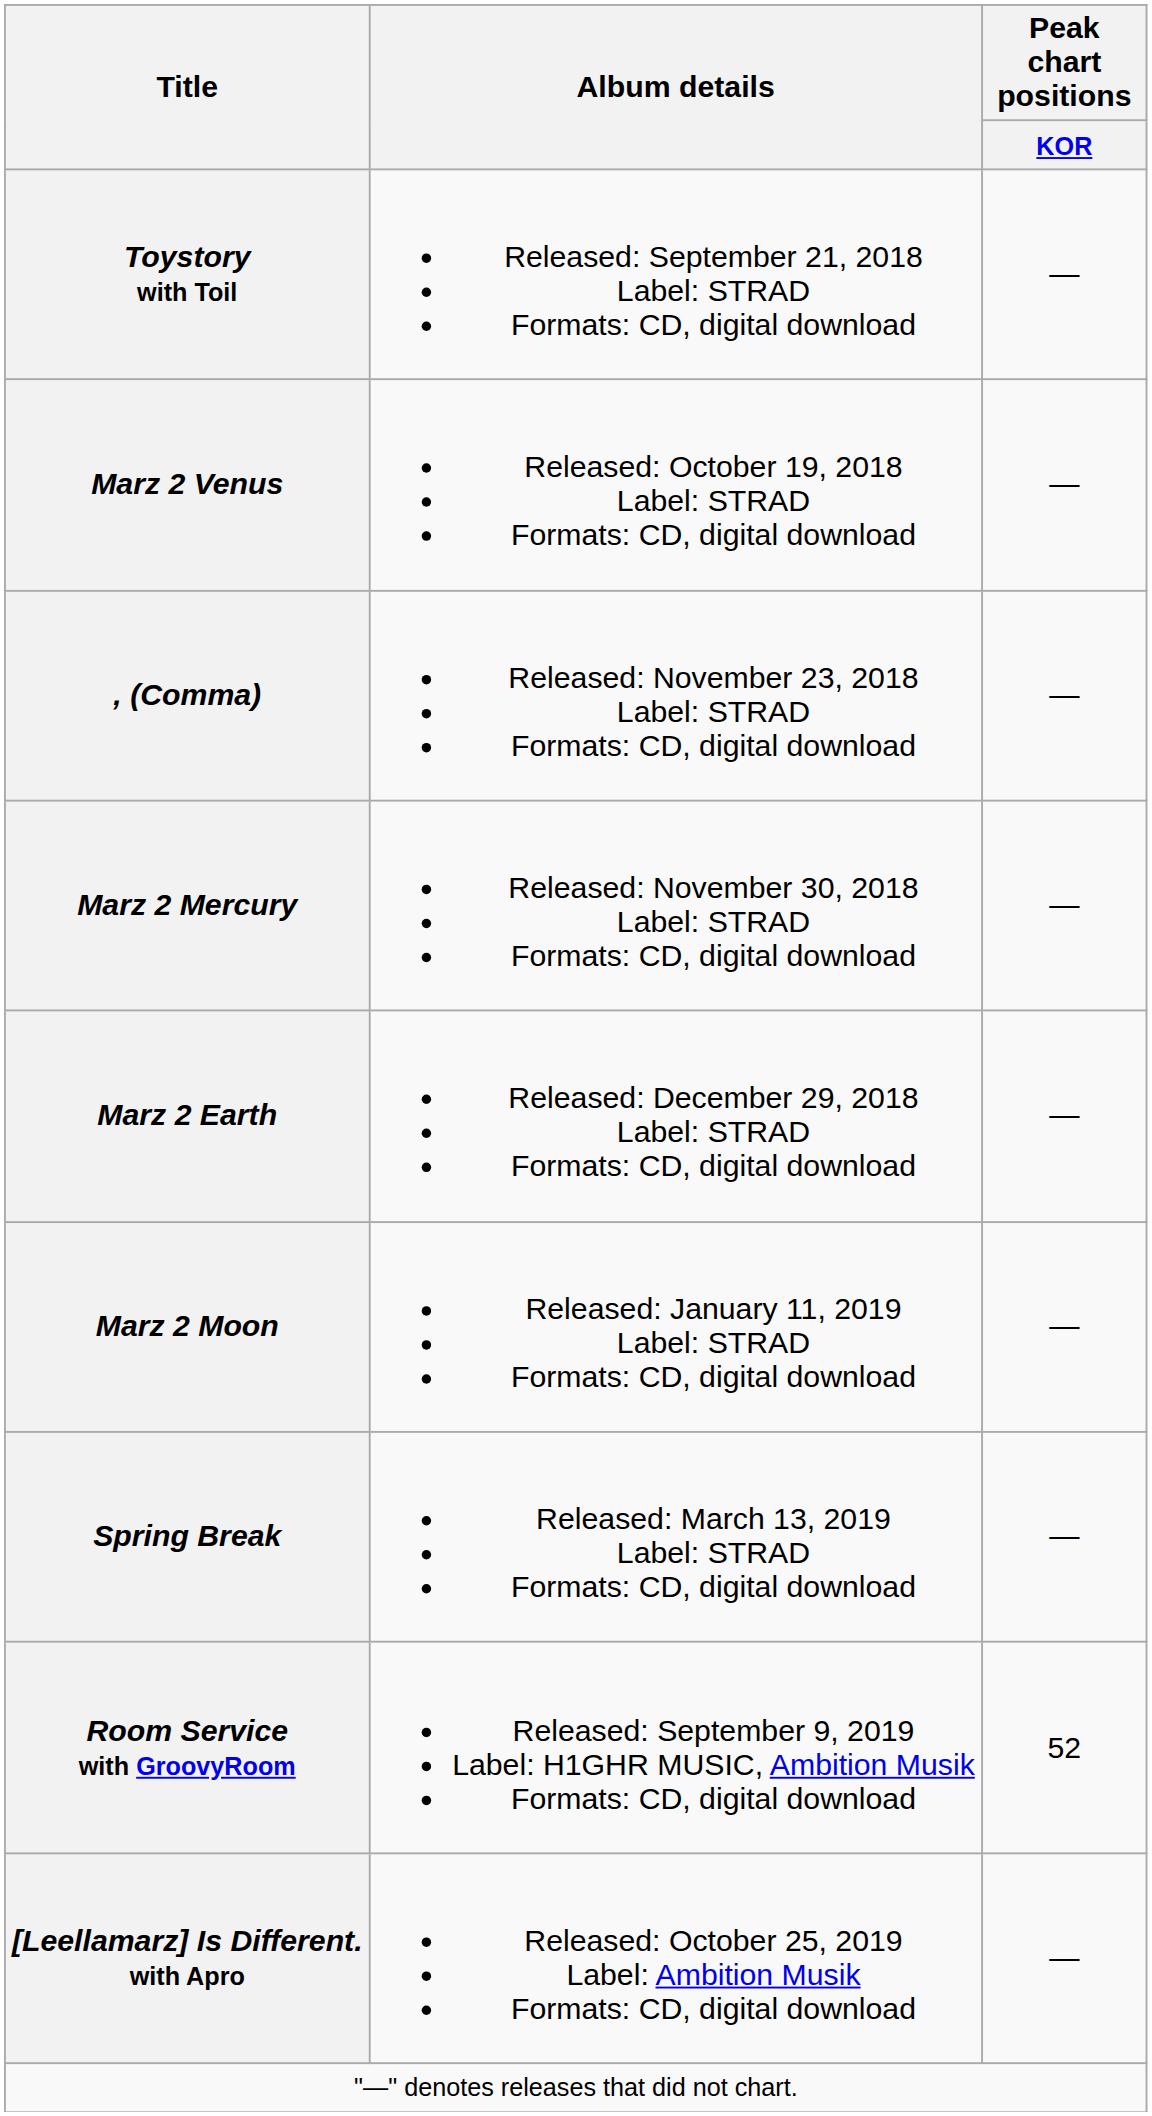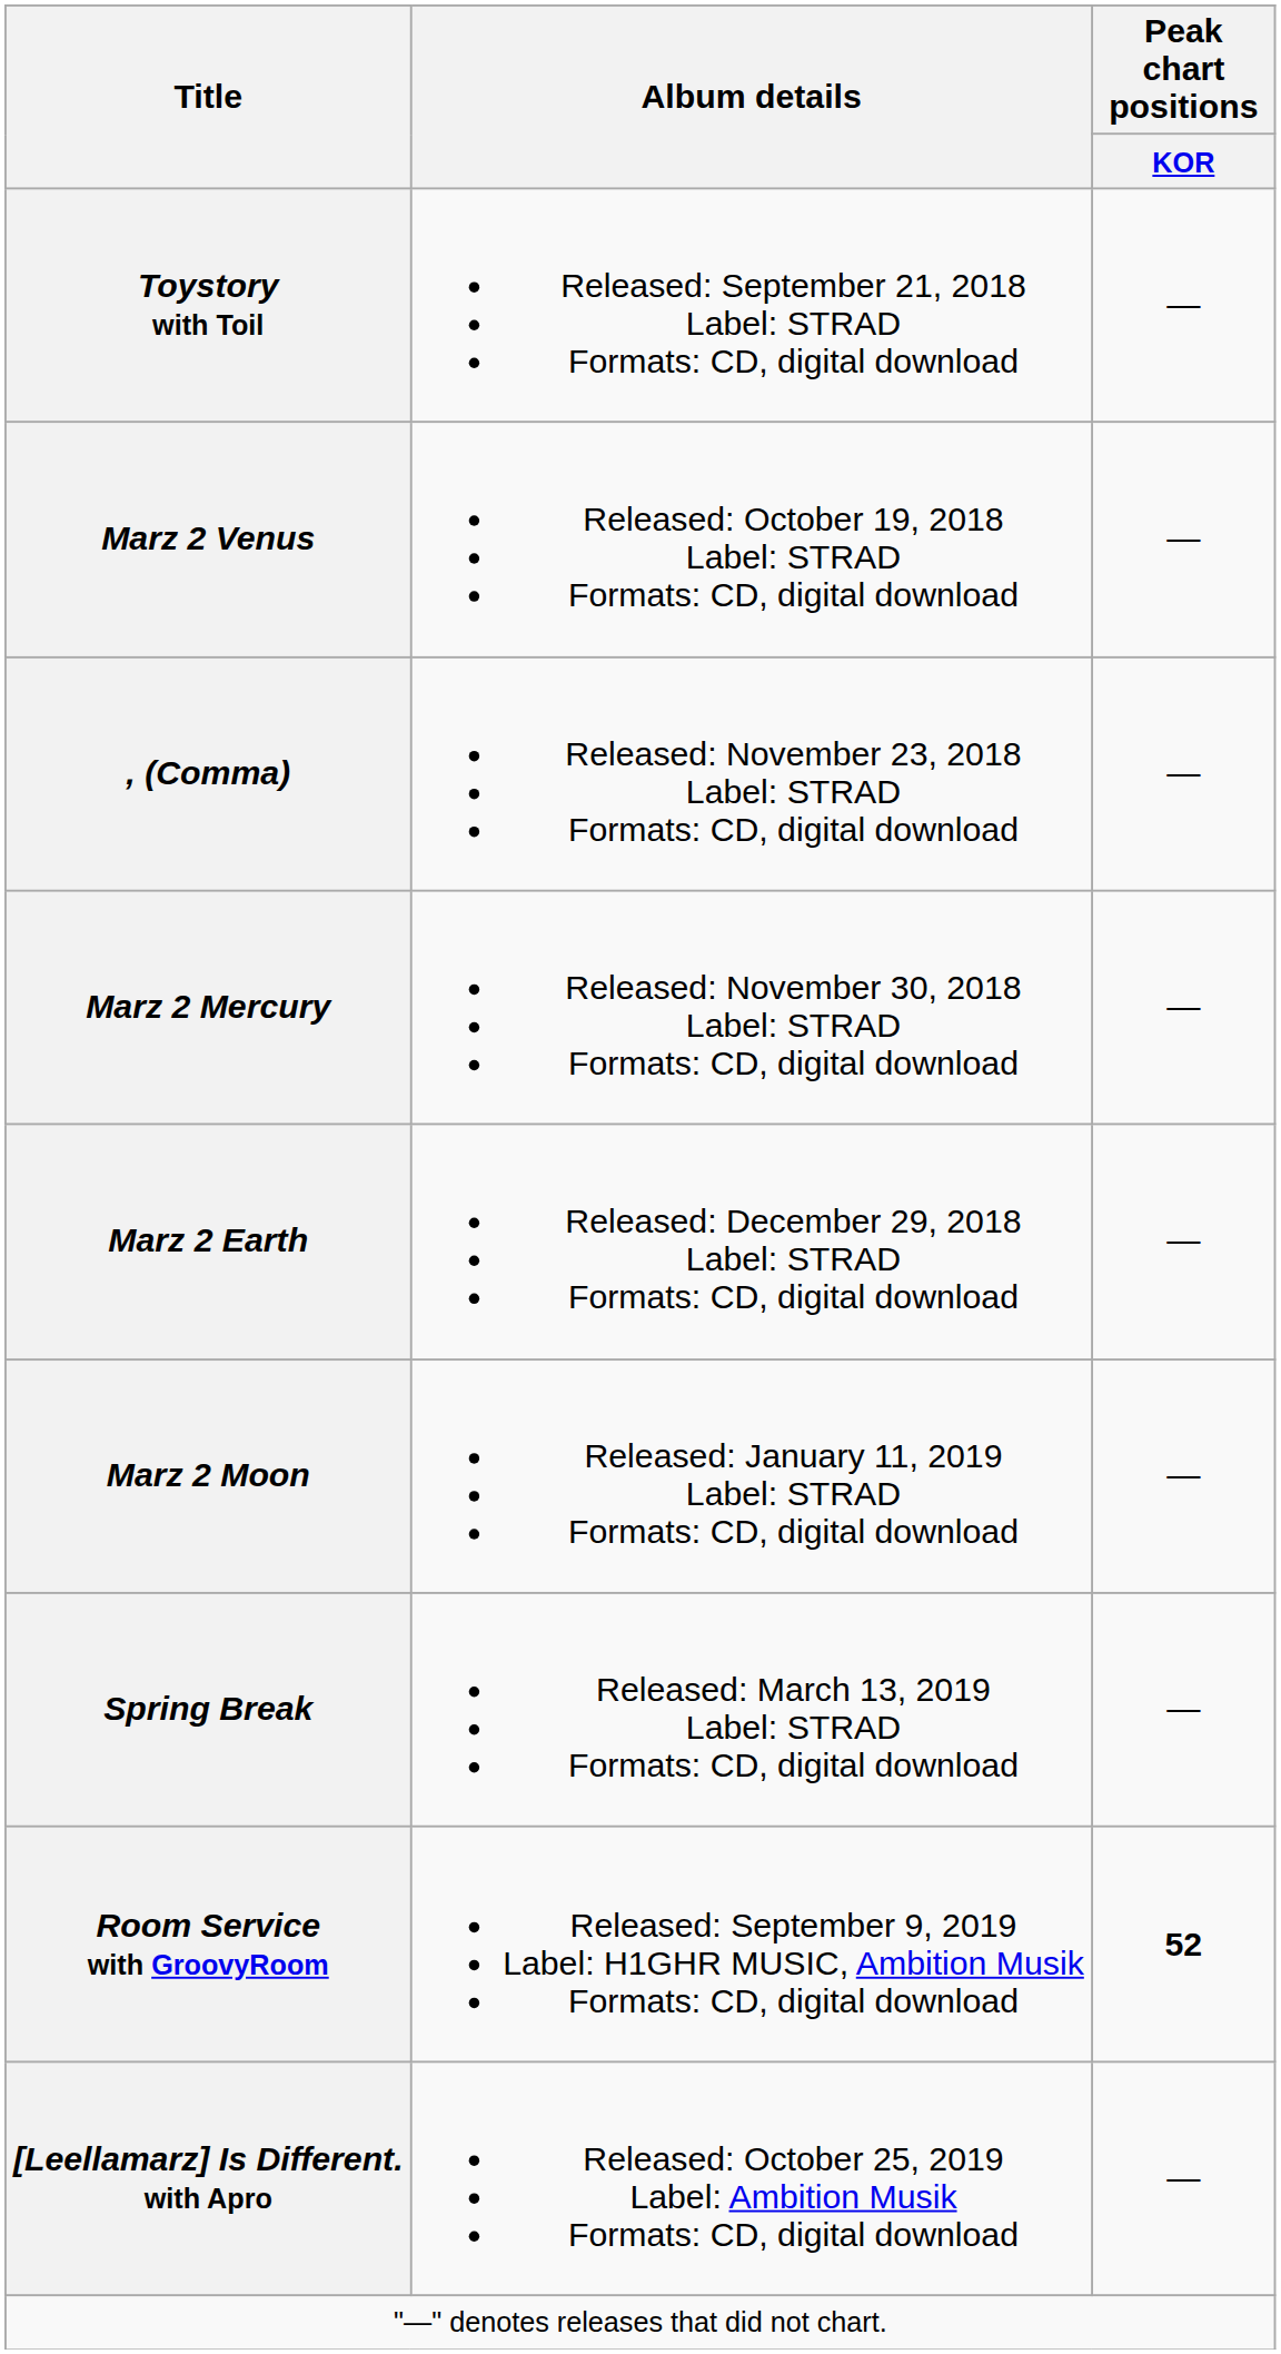 <table class="wikitable plainrowheaders" style="text-align:center;">
 <tr>
 <th scope="col" rowspan="2">Title</th>
 <th scope="col" rowspan="2">Album details</th>
 <th scope="col" colspan="1" style="width:5em;">Peak chart positions</th>
 </tr>
 <tr>
 <th><small><a href='#'>KOR</a></small></th>
 </tr>
 <tr>
 <th scope="row"><em>Toystory</em> <br><small>with Toil</small></th>
 <td><br><ul><li>Released: September 21, 2018</li><li>Label: STRAD</li><li>Formats: CD, digital download</li></ul></td>
 <td>—</td>
 </tr>
 <tr>
 <th scope="row"><em>Marz 2 Venus</em></th>
 <td><br><ul><li>Released: October 19, 2018</li><li>Label: STRAD</li><li>Formats: CD, digital download</li></ul></td>
 <td>—</td>
 </tr>
 <tr>
 <th scope="row"><em>, (Comma)</em></th>
 <td><br><ul><li>Released: November 23, 2018</li><li>Label: STRAD</li><li>Formats: CD, digital download</li></ul></td>
 <td>—</td>
 </tr>
 <tr>
 <th scope="row"><em>Marz 2 Mercury</em></th>
 <td><br><ul><li>Released: November 30, 2018</li><li>Label: STRAD</li><li>Formats: CD, digital download</li></ul></td>
 <td>—</td>
 </tr>
 <tr>
 <th scope="row"><em>Marz 2 Earth</em></th>
 <td><br><ul><li>Released: December 29, 2018</li><li>Label: STRAD</li><li>Formats: CD, digital download</li></ul></td>
 <td>—</td>
 </tr>
 <tr>
 <th scope="row"><em>Marz 2 Moon</em></th>
 <td><br><ul><li>Released: January 11, 2019</li><li>Label: STRAD</li><li>Formats: CD, digital download</li></ul></td>
 <td>—</td>
 </tr>
 <tr>
 <th scope="row"><em>Spring Break</em></th>
 <td><br><ul><li>Released: March 13, 2019</li><li>Label: STRAD</li><li>Formats: CD, digital download</li></ul></td>
 <td>—</td>
 </tr>
 <tr>
 <th scope="row"><em>Room Service</em><br><small>with <a href='#'>GroovyRoom</a></small></th>
 <td><br><ul><li>Released: September 9, 2019</li><li>Label: H1GHR MUSIC, <a href='#'>Ambition Musik</a></li><li>Formats: CD, digital download</li></ul></td>
-<td>52</td>
+<td><strong>52</strong></td>
 </tr>
 <tr>
 <th scope="row"><em>[Leellamarz] Is Different.</em><br><small>with Apro</small></th>
 <td><br><ul><li>Released: October 25, 2019</li><li>Label: <a href='#'>Ambition Musik</a></li><li>Formats: CD, digital download</li></ul></td>
 <td>—</td>
 </tr>
 <tr>
 <td colspan="4" align="center"><small>"—" denotes releases that did not chart.</small></td>
 </tr>
 </table>
